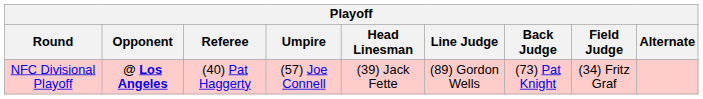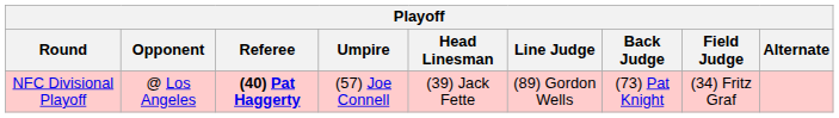 <table class="wikitable" style="text-align:center">
 <tr>
 <th colspan="9">Playoff</th>
 </tr>
 <tr>
 <th>Round</th>
 <th>Opponent</th>
 <th>Referee</th>
 <th>Umpire</th>
 <th>Head Linesman</th>
 <th>Line Judge</th>
 <th>Back Judge</th>
 <th>Field Judge</th>
 <th>Alternate</th>
 </tr>
 <tr style="background:#fcc">
 <td><a href='#'>NFC Divisional Playoff</a></td>
-<td><strong>@ <a href='#'>Los Angeles</a></strong></td>
-<td>(40) <a href='#'>Pat Haggerty</a></td>
+<td>@ <a href='#'>Los Angeles</a></td>
+<td><strong>(40) <a href='#'>Pat Haggerty</a></strong></td>
 <td>(57) <a href='#'>Joe Connell</a></td>
 <td>(39) Jack Fette</td>
 <td>(89) Gordon Wells</td>
 <td>(73) <a href='#'>Pat Knight</a></td>
 <td>(34) Fritz Graf</td>
 <td></td>
 </tr>
 </table>
